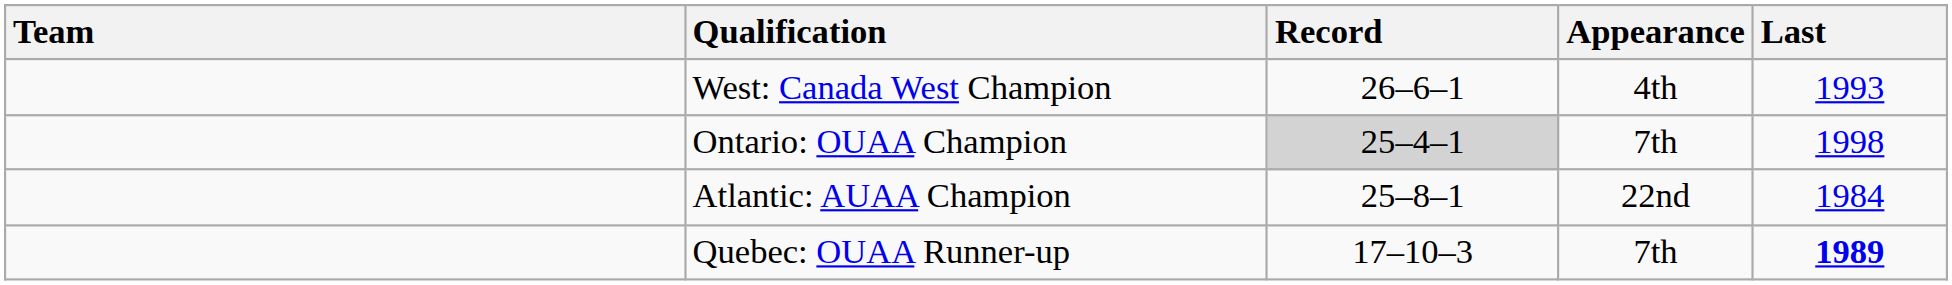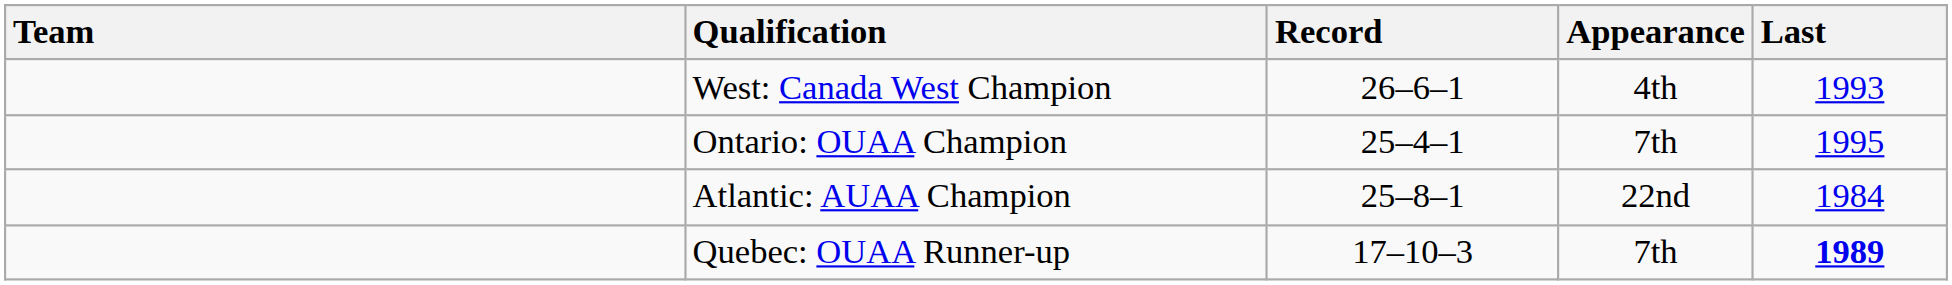 <table class="wikitable sortable" style="text-align: center;" width=900>
 <tr style="background:#efefef; text-align:center">
 <th style="text-align:left" width=35%>Team</th>
 <th style="text-align:left" width=30%>Qualification</th>
 <th style="text-align:left" width=15%>Record</th>
 <th style="text-align:left" width=10%>Appearance</th>
 <th style="text-align:left" width=10%>Last</th>
 </tr>
 <tr style="text-align:center">
 <td style="text-align:left; "><a href='#'></a></td>
 <td style="text-align:left">West: <a href='#'>Canada West</a> Champion</td>
 <td style="text-align:center">26–6–1</td>
 <td style="text-align:center">4th</td>
 <td style="text-align:center"><a href='#'>1993</a></td>
 </tr>
 <tr style="text-align:center">
 <td style="text-align:left; "><a href='#'></a></td>
 <td style="text-align:left">Ontario: <a href='#'>OUAA</a> Champion</td>
-<td style="background: lightgrey; text-align:center">25–4–1</td>
+<td style="text-align:center">25–4–1</td>
 <td style="text-align:center">7th</td>
-<td style="text-align:center"><a href='#'>1998</a></td>
+<td style="text-align:center"><a href='#'>1995</a></td>
 </tr>
 <tr style="text-align:center">
 <td style="text-align:left; "><a href='#'></a></td>
 <td style="text-align:left">Atlantic: <a href='#'>AUAA</a> Champion</td>
 <td style="text-align:center">25–8–1</td>
 <td style="text-align:center">22nd</td>
 <td style="text-align:center"><a href='#'>1984</a></td>
 </tr>
 <tr style="text-align:center">
 <td style="text-align:left; "><a href='#'></a></td>
 <td style="text-align:left">Quebec: <a href='#'>OUAA</a> Runner-up</td>
 <td style="text-align:center">17–10–3</td>
 <td style="text-align:center">7th</td>
 <td style="text-align:center"><strong><a href='#'>1989</a></strong></td>
 </tr>
 </table>
